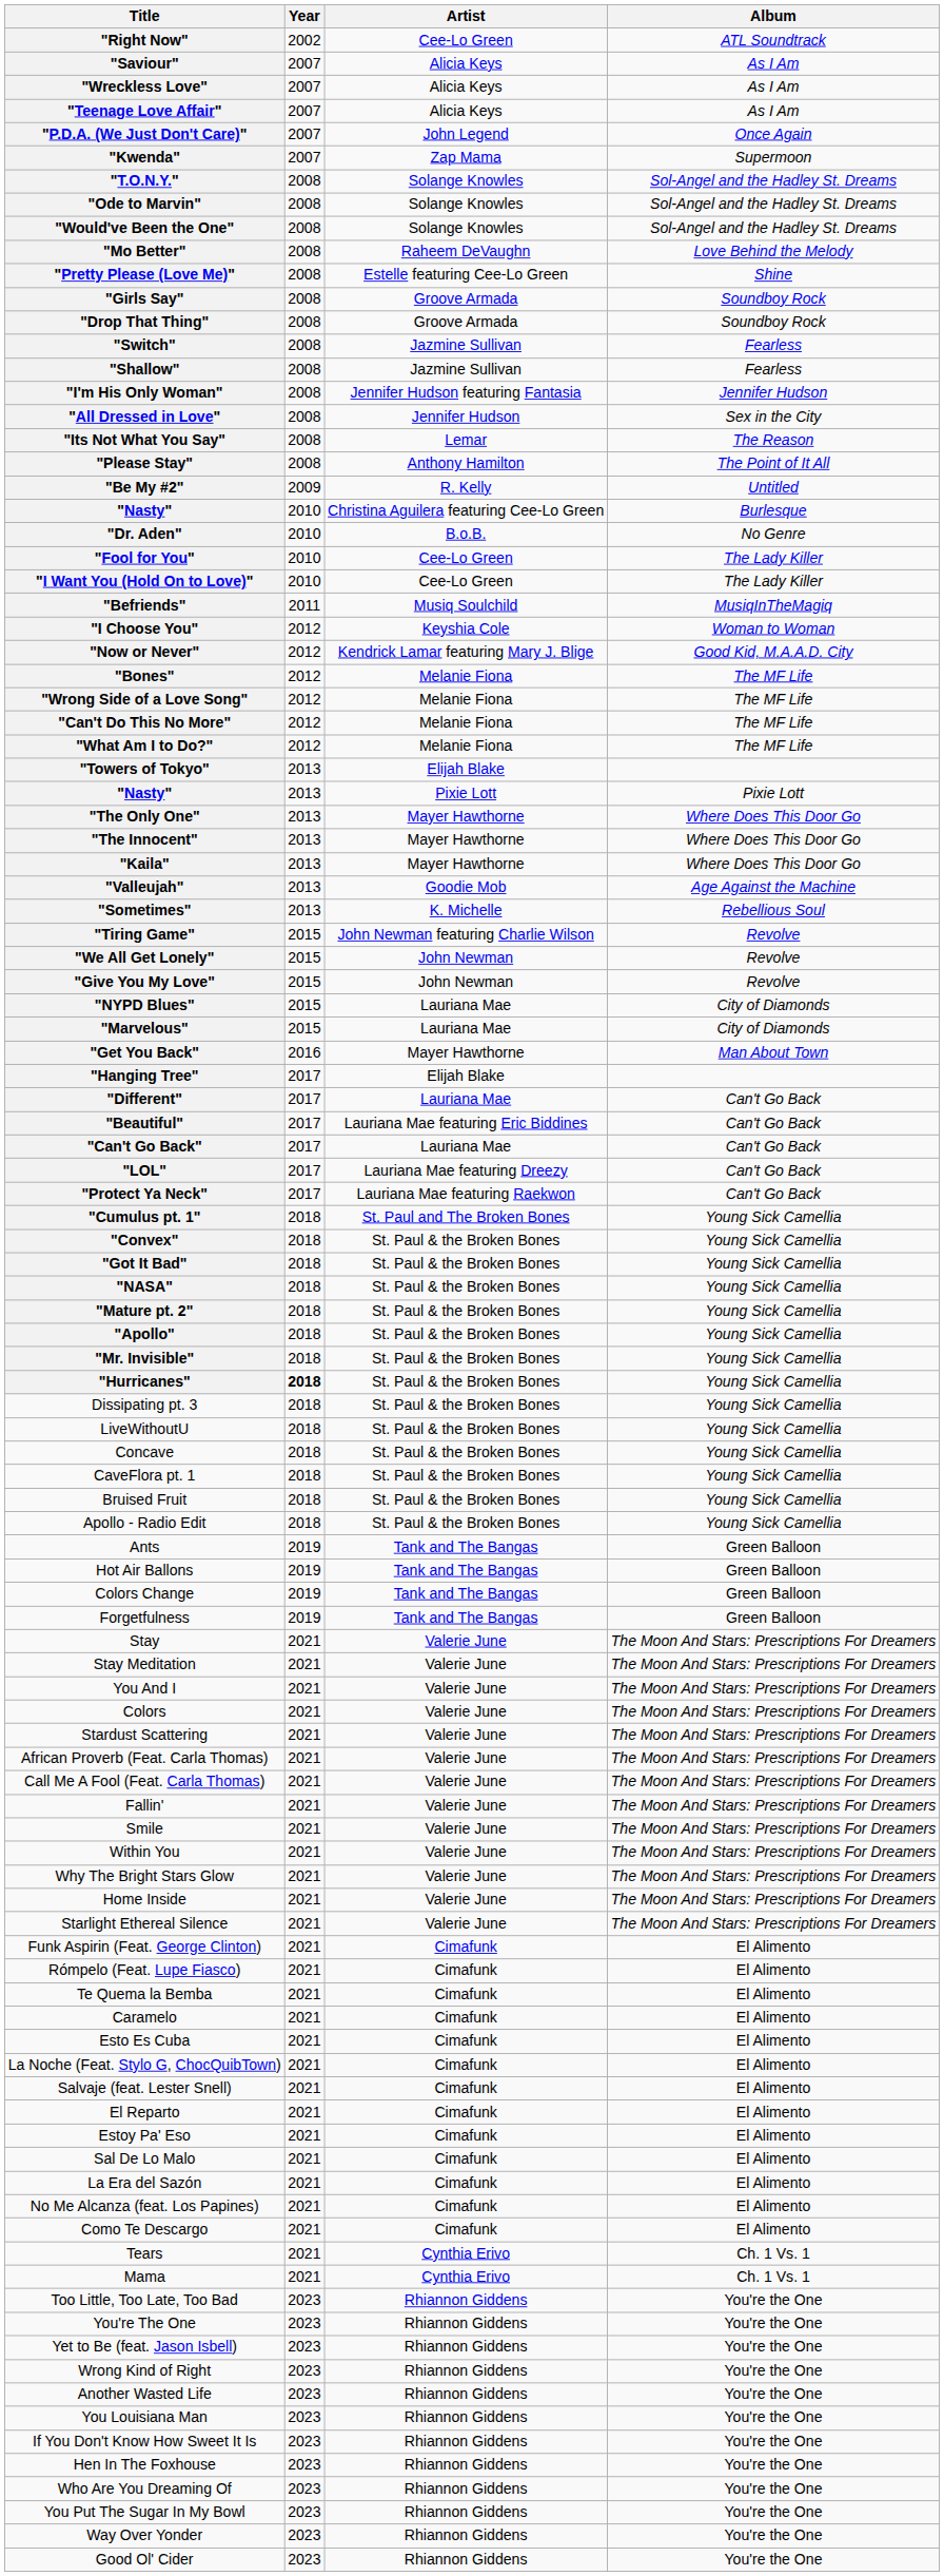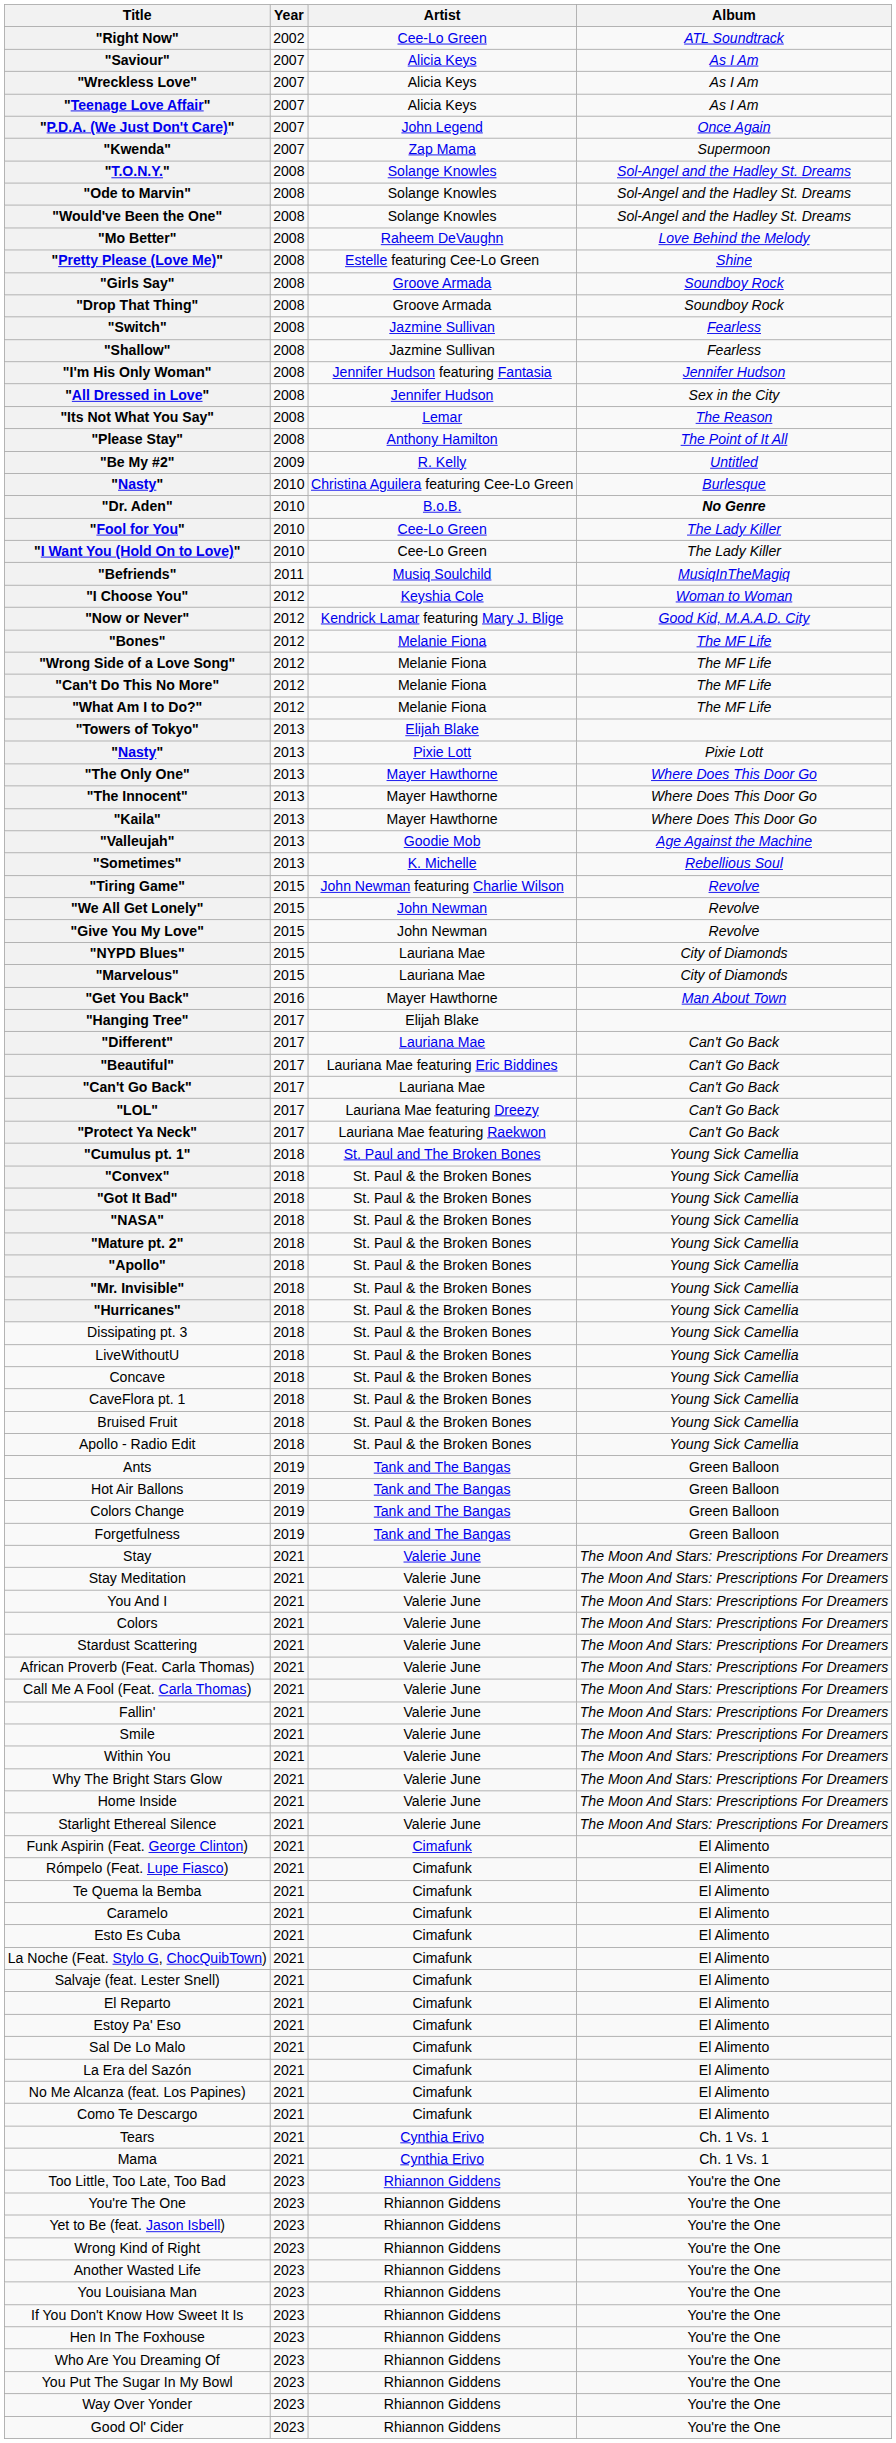 <table class="wikitable plainrowheaders" style="text-align:center;">
 <tr>
 <th scope="col">Title</th>
 <th scope="col">Year</th>
 <th scope="col">Artist</th>
 <th scope="col">Album</th>
 </tr>
 <tr>
 <th scope="row">"Right Now"</th>
 <td>2002</td>
 <td><a href='#'>Cee-Lo Green</a></td>
 <td><em><a href='#'>ATL Soundtrack</a></em></td>
 </tr>
 <tr>
 <th scope="row">"Saviour"</th>
 <td>2007</td>
 <td><a href='#'>Alicia Keys</a></td>
 <td><em><a href='#'>As I Am</a></em></td>
 </tr>
 <tr>
 <th scope="row">"Wreckless Love"</th>
 <td>2007</td>
 <td>Alicia Keys</td>
 <td><em>As I Am</em></td>
 </tr>
 <tr>
 <th scope="row">"<a href='#'>Teenage Love Affair</a>"</th>
 <td>2007</td>
 <td>Alicia Keys</td>
 <td><em>As I Am</em></td>
 </tr>
 <tr>
 <th scope="row">"<a href='#'>P.D.A. (We Just Don't Care)</a>"</th>
 <td>2007</td>
 <td><a href='#'>John Legend</a></td>
 <td><em><a href='#'>Once Again</a></em></td>
 </tr>
 <tr>
 <th scope="row">"Kwenda"</th>
 <td>2007</td>
 <td><a href='#'>Zap Mama</a></td>
 <td><em>Supermoon</em></td>
 </tr>
 <tr>
 <th scope="row">"<a href='#'>T.O.N.Y.</a>"</th>
 <td>2008</td>
 <td><a href='#'>Solange Knowles</a></td>
 <td><em><a href='#'>Sol-Angel and the Hadley St. Dreams</a></em></td>
 </tr>
 <tr>
 <th scope="row">"Ode to Marvin"</th>
 <td>2008</td>
 <td>Solange Knowles</td>
 <td><em>Sol-Angel and the Hadley St. Dreams</em></td>
 </tr>
 <tr>
 <th scope="row">"Would've Been the One"</th>
 <td>2008</td>
 <td>Solange Knowles</td>
 <td><em>Sol-Angel and the Hadley St. Dreams</em></td>
 </tr>
 <tr>
 <th scope="row">"Mo Better"</th>
 <td>2008</td>
 <td><a href='#'>Raheem DeVaughn</a></td>
 <td><em><a href='#'>Love Behind the Melody</a></em></td>
 </tr>
 <tr>
 <th scope="row">"<a href='#'>Pretty Please (Love Me)</a>"</th>
 <td>2008</td>
 <td><a href='#'>Estelle</a> featuring Cee-Lo Green</td>
 <td><em><a href='#'>Shine</a></em></td>
 </tr>
 <tr>
 <th scope="row">"Girls Say"</th>
 <td>2008</td>
 <td><a href='#'>Groove Armada</a></td>
 <td><em><a href='#'>Soundboy Rock</a></em></td>
 </tr>
 <tr>
 <th scope="row">"Drop That Thing"</th>
 <td>2008</td>
 <td>Groove Armada</td>
 <td><em>Soundboy Rock</em></td>
 </tr>
 <tr>
 <th scope="row">"Switch"</th>
 <td>2008</td>
 <td><a href='#'>Jazmine Sullivan</a></td>
 <td><em><a href='#'>Fearless</a></em></td>
 </tr>
 <tr>
 <th scope="row">"Shallow"</th>
 <td>2008</td>
 <td>Jazmine Sullivan</td>
 <td><em>Fearless</em></td>
 </tr>
 <tr>
 <th scope="row">"I'm His Only Woman"</th>
 <td>2008</td>
 <td><a href='#'>Jennifer Hudson</a> featuring <a href='#'>Fantasia</a></td>
 <td><em><a href='#'>Jennifer Hudson</a></em></td>
 </tr>
 <tr>
 <th scope="row">"<a href='#'>All Dressed in Love</a>"</th>
 <td>2008</td>
 <td><a href='#'>Jennifer Hudson</a></td>
 <td><em>Sex in the City</em></td>
 </tr>
 <tr>
 <th scope="row">"Its Not What You Say"</th>
 <td>2008</td>
 <td><a href='#'>Lemar</a></td>
 <td><em><a href='#'>The Reason</a></em></td>
 </tr>
 <tr>
 <th scope="row">"Please Stay"</th>
 <td>2008</td>
 <td><a href='#'>Anthony Hamilton</a></td>
 <td><em><a href='#'>The Point of It All</a></em></td>
 </tr>
 <tr>
 <th scope="row">"Be My #2"</th>
 <td>2009</td>
 <td><a href='#'>R. Kelly</a></td>
 <td><em><a href='#'>Untitled</a></em></td>
 </tr>
 <tr>
 <th scope="row">"<a href='#'>Nasty</a>"</th>
 <td>2010</td>
 <td><a href='#'>Christina Aguilera</a> featuring Cee-Lo Green</td>
 <td><em><a href='#'>Burlesque</a></em></td>
 </tr>
 <tr>
 <th scope="row">"Dr. Aden"</th>
 <td>2010</td>
 <td><a href='#'>B.o.B.</a></td>
-<td><em>No Genre</em></td>
+<td><strong><em>No Genre</em></strong></td>
 </tr>
 <tr>
 <th scope="row">"<a href='#'>Fool for You</a>"</th>
 <td>2010</td>
 <td><a href='#'>Cee-Lo Green</a></td>
 <td><em><a href='#'>The Lady Killer</a></em></td>
 </tr>
 <tr>
 <th scope="row">"<a href='#'>I Want You (Hold On to Love)</a>"</th>
 <td>2010</td>
 <td>Cee-Lo Green</td>
 <td><em>The Lady Killer</em></td>
 </tr>
 <tr>
 <th scope="row">"Befriends"</th>
 <td>2011</td>
 <td><a href='#'>Musiq Soulchild</a></td>
 <td><em><a href='#'>MusiqInTheMagiq</a></em></td>
 </tr>
 <tr>
 <th scope="row">"I Choose You"</th>
 <td>2012</td>
 <td><a href='#'>Keyshia Cole</a></td>
 <td><em><a href='#'>Woman to Woman</a></em></td>
 </tr>
 <tr>
 <th scope="row">"Now or Never"</th>
 <td>2012</td>
 <td><a href='#'>Kendrick Lamar</a> featuring <a href='#'>Mary J. Blige</a></td>
 <td><em><a href='#'>Good Kid, M.A.A.D. City</a></em></td>
 </tr>
 <tr>
 <th scope="row">"Bones"</th>
 <td>2012</td>
 <td><a href='#'>Melanie Fiona</a></td>
 <td><em><a href='#'>The MF Life</a></em></td>
 </tr>
 <tr>
 <th scope="row">"Wrong Side of a Love Song"</th>
 <td>2012</td>
 <td>Melanie Fiona</td>
 <td><em>The MF Life</em></td>
 </tr>
 <tr>
 <th scope="row">"Can't Do This No More"</th>
 <td>2012</td>
 <td>Melanie Fiona</td>
 <td><em>The MF Life</em></td>
 </tr>
 <tr>
 <th scope="row">"What Am I to Do?"</th>
 <td>2012</td>
 <td>Melanie Fiona</td>
 <td><em>The MF Life</em></td>
 </tr>
 <tr>
 <th scope="row">"Towers of Tokyo"</th>
 <td>2013</td>
 <td><a href='#'>Elijah Blake</a></td>
 <td></td>
 </tr>
 <tr>
 <th scope="row">"<a href='#'>Nasty</a>"</th>
 <td>2013</td>
 <td><a href='#'>Pixie Lott</a></td>
 <td><em>Pixie Lott</em></td>
 </tr>
 <tr>
 <th scope="row">"The Only One"</th>
 <td>2013</td>
 <td><a href='#'>Mayer Hawthorne</a></td>
 <td><em><a href='#'>Where Does This Door Go</a></em></td>
 </tr>
 <tr>
 <th scope="row">"The Innocent"</th>
 <td>2013</td>
 <td>Mayer Hawthorne</td>
 <td><em>Where Does This Door Go</em></td>
 </tr>
 <tr>
 <th scope="row">"Kaila"</th>
 <td>2013</td>
 <td>Mayer Hawthorne</td>
 <td><em>Where Does This Door Go</em></td>
 </tr>
 <tr>
 <th scope="row">"Valleujah"</th>
 <td>2013</td>
 <td><a href='#'>Goodie Mob</a></td>
 <td><em><a href='#'>Age Against the Machine</a></em></td>
 </tr>
 <tr>
 <th scope="row">"Sometimes"</th>
 <td>2013</td>
 <td><a href='#'>K. Michelle</a></td>
 <td><em><a href='#'>Rebellious Soul</a></em></td>
 </tr>
 <tr>
 <th scope="row">"Tiring Game"</th>
 <td>2015</td>
 <td><a href='#'>John Newman</a> featuring <a href='#'>Charlie Wilson</a></td>
 <td><em><a href='#'>Revolve</a></em></td>
 </tr>
 <tr>
 <th scope="row">"We All Get Lonely"</th>
 <td>2015</td>
 <td><a href='#'>John Newman</a></td>
 <td><em>Revolve</em></td>
 </tr>
 <tr>
 <th scope="row">"Give You My Love"</th>
 <td>2015</td>
 <td>John Newman</td>
 <td><em>Revolve</em></td>
 </tr>
 <tr>
 <th scope="row">"NYPD Blues"</th>
 <td>2015</td>
 <td>Lauriana Mae</td>
 <td><em>City of Diamonds</em></td>
 </tr>
 <tr>
 <th scope="row">"Marvelous"</th>
 <td>2015</td>
 <td>Lauriana Mae</td>
 <td><em>City of Diamonds</em></td>
 </tr>
 <tr>
 <th scope="row">"Get You Back"</th>
 <td>2016</td>
 <td>Mayer Hawthorne</td>
 <td><em><a href='#'>Man About Town</a></em></td>
 </tr>
 <tr>
 <th scope="row">"Hanging Tree"</th>
 <td>2017</td>
 <td>Elijah Blake</td>
 <td></td>
 </tr>
 <tr>
 <th scope="row">"Different"</th>
 <td>2017</td>
 <td><a href='#'>Lauriana Mae</a></td>
 <td><em>Can't Go Back</em></td>
 </tr>
 <tr>
 <th scope="row">"Beautiful"</th>
 <td>2017</td>
 <td>Lauriana Mae featuring <a href='#'>Eric Biddines</a></td>
 <td><em>Can't Go Back</em></td>
 </tr>
 <tr>
 <th scope="row">"Can't Go Back"</th>
 <td>2017</td>
 <td>Lauriana Mae</td>
 <td><em>Can't Go Back</em></td>
 </tr>
 <tr>
 <th scope="row">"LOL"</th>
 <td>2017</td>
 <td>Lauriana Mae featuring <a href='#'>Dreezy</a></td>
 <td><em>Can't Go Back</em></td>
 </tr>
 <tr>
 <th scope="row">"Protect Ya Neck"</th>
 <td>2017</td>
 <td>Lauriana Mae featuring <a href='#'>Raekwon</a></td>
 <td><em>Can't Go Back</em></td>
 </tr>
 <tr>
 <th scope="row">"Cumulus pt. 1"</th>
 <td>2018</td>
 <td><a href='#'>St. Paul and The Broken Bones</a></td>
 <td><em>Young Sick Camellia</em></td>
 </tr>
 <tr>
 <th scope="row">"Convex"</th>
 <td>2018</td>
 <td>St. Paul & the Broken Bones</td>
 <td><em>Young Sick Camellia</em></td>
 </tr>
 <tr>
 <th scope="row">"Got It Bad"</th>
 <td>2018</td>
 <td>St. Paul & the Broken Bones</td>
 <td><em>Young Sick Camellia</em></td>
 </tr>
 <tr>
 <th scope="row">"NASA"</th>
 <td>2018</td>
 <td>St. Paul & the Broken Bones</td>
 <td><em>Young Sick Camellia</em></td>
 </tr>
 <tr>
 <th scope="row">"Mature pt. 2"</th>
 <td>2018</td>
 <td>St. Paul & the Broken Bones</td>
 <td><em>Young Sick Camellia</em></td>
 </tr>
 <tr>
 <th scope="row">"Apollo"</th>
 <td>2018</td>
 <td>St. Paul & the Broken Bones</td>
 <td><em>Young Sick Camellia</em></td>
 </tr>
 <tr>
 <th scope="row">"Mr. Invisible"</th>
 <td>2018</td>
 <td>St. Paul & the Broken Bones</td>
 <td><em>Young Sick Camellia</em></td>
 </tr>
 <tr>
 <th scope="row">"Hurricanes"</th>
-<td><strong>2018</strong></td>
+<td>2018</td>
 <td>St. Paul & the Broken Bones</td>
 <td><em>Young Sick Camellia</em></td>
 </tr>
 <tr>
 <td scope="row">Dissipating pt. 3</td>
 <td>2018</td>
 <td>St. Paul & the Broken Bones</td>
 <td><em>Young Sick Camellia</em></td>
 </tr>
 <tr>
 <td>LiveWithoutU</td>
 <td>2018</td>
 <td>St. Paul & the Broken Bones</td>
 <td><em>Young Sick Camellia</em></td>
 </tr>
 <tr>
 <td>Concave</td>
 <td>2018</td>
 <td>St. Paul & the Broken Bones</td>
 <td><em>Young Sick Camellia</em></td>
 </tr>
 <tr>
 <td>CaveFlora pt. 1</td>
 <td>2018</td>
 <td>St. Paul & the Broken Bones</td>
 <td><em>Young Sick Camellia</em></td>
 </tr>
 <tr>
 <td>Bruised Fruit</td>
 <td>2018</td>
 <td>St. Paul & the Broken Bones</td>
 <td><em>Young Sick Camellia</em></td>
 </tr>
 <tr>
 <td>Apollo - Radio Edit</td>
 <td>2018</td>
 <td>St. Paul & the Broken Bones</td>
 <td><em>Young Sick Camellia</em></td>
 </tr>
 <tr>
 <td>Ants</td>
 <td>2019</td>
 <td><a href='#'>Tank and The Bangas</a></td>
 <td>Green Balloon</td>
 </tr>
 <tr>
 <td>Hot Air Ballons</td>
 <td>2019</td>
 <td><a href='#'>Tank and The Bangas</a></td>
 <td>Green Balloon</td>
 </tr>
 <tr>
 <td>Colors Change</td>
 <td>2019</td>
 <td><a href='#'>Tank and The Bangas</a></td>
 <td>Green Balloon</td>
 </tr>
 <tr>
 <td>Forgetfulness</td>
 <td>2019</td>
 <td><a href='#'>Tank and The Bangas</a></td>
 <td>Green Balloon</td>
 </tr>
 <tr>
 <td>Stay</td>
 <td>2021</td>
 <td><a href='#'>Valerie June</a></td>
 <td><em>The Moon And Stars: Prescriptions For Dreamers</em></td>
 </tr>
 <tr>
 <td>Stay Meditation</td>
 <td>2021</td>
 <td>Valerie June</td>
 <td><em>The Moon And Stars: Prescriptions For Dreamers</em></td>
 </tr>
 <tr>
 <td>You And I</td>
 <td>2021</td>
 <td>Valerie June</td>
 <td><em>The Moon And Stars: Prescriptions For Dreamers</em></td>
 </tr>
 <tr>
 <td>Colors</td>
 <td>2021</td>
 <td>Valerie June</td>
 <td><em>The Moon And Stars: Prescriptions For Dreamers</em></td>
 </tr>
 <tr>
 <td>Stardust Scattering</td>
 <td>2021</td>
 <td>Valerie June</td>
 <td><em>The Moon And Stars: Prescriptions For Dreamers</em></td>
 </tr>
 <tr>
 <td>African Proverb (Feat. Carla Thomas)</td>
 <td>2021</td>
 <td>Valerie June</td>
 <td><em>The Moon And Stars: Prescriptions For Dreamers</em></td>
 </tr>
 <tr>
 <td>Call Me A Fool  (Feat. <a href='#'>Carla Thomas</a>)</td>
 <td>2021</td>
 <td>Valerie June</td>
 <td><em>The Moon And Stars: Prescriptions For Dreamers</em></td>
 </tr>
 <tr>
 <td>Fallin'</td>
 <td>2021</td>
 <td>Valerie June</td>
 <td><em>The Moon And Stars: Prescriptions For Dreamers</em></td>
 </tr>
 <tr>
 <td>Smile</td>
 <td>2021</td>
 <td>Valerie June</td>
 <td><em>The Moon And Stars: Prescriptions For Dreamers</em></td>
 </tr>
 <tr>
 <td>Within You</td>
 <td>2021</td>
 <td>Valerie June</td>
 <td><em>The Moon And Stars: Prescriptions For Dreamers</em></td>
 </tr>
 <tr>
 <td>Why The Bright Stars Glow</td>
 <td>2021</td>
 <td>Valerie June</td>
 <td><em>The Moon And Stars: Prescriptions For Dreamers</em></td>
 </tr>
 <tr>
 <td>Home Inside</td>
 <td>2021</td>
 <td>Valerie June</td>
 <td><em>The Moon And Stars: Prescriptions For Dreamers</em></td>
 </tr>
 <tr>
 <td>Starlight Ethereal Silence</td>
 <td>2021</td>
 <td>Valerie June</td>
 <td><em>The Moon And Stars: Prescriptions For Dreamers</em></td>
 </tr>
 <tr>
 <td>Funk Aspirin (Feat. <a href='#'>George Clinton</a>)</td>
 <td>2021</td>
 <td><a href='#'>Cimafunk</a></td>
 <td>El Alimento</td>
 </tr>
 <tr>
 <td>Rómpelo (Feat. <a href='#'>Lupe Fiasco</a>)</td>
 <td>2021</td>
 <td>Cimafunk</td>
 <td>El Alimento</td>
 </tr>
 <tr>
 <td>Te Quema la Bemba</td>
 <td>2021</td>
 <td>Cimafunk</td>
 <td>El Alimento</td>
 </tr>
 <tr>
 <td>Caramelo</td>
 <td>2021</td>
 <td>Cimafunk</td>
 <td>El Alimento</td>
 </tr>
 <tr>
 <td>Esto Es Cuba</td>
 <td>2021</td>
 <td>Cimafunk</td>
 <td>El Alimento</td>
 </tr>
 <tr>
 <td>La Noche (Feat. <a href='#'>Stylo G</a>, <a href='#'>ChocQuibTown</a>)</td>
 <td>2021</td>
 <td>Cimafunk</td>
 <td>El Alimento</td>
 </tr>
 <tr>
 <td>Salvaje (feat. Lester Snell)</td>
 <td>2021</td>
 <td>Cimafunk</td>
 <td>El Alimento</td>
 </tr>
 <tr>
 <td>El Reparto</td>
 <td>2021</td>
 <td>Cimafunk</td>
 <td>El Alimento</td>
 </tr>
 <tr>
 <td>Estoy Pa' Eso</td>
 <td>2021</td>
 <td>Cimafunk</td>
 <td>El Alimento</td>
 </tr>
 <tr>
 <td>Sal De Lo Malo</td>
 <td>2021</td>
 <td>Cimafunk</td>
 <td>El Alimento</td>
 </tr>
 <tr>
 <td>La Era del Sazón</td>
 <td>2021</td>
 <td>Cimafunk</td>
 <td>El Alimento</td>
 </tr>
 <tr>
 <td>No Me Alcanza (feat. Los Papines)</td>
 <td>2021</td>
 <td>Cimafunk</td>
 <td>El Alimento</td>
 </tr>
 <tr>
 <td>Como Te Descargo</td>
 <td>2021</td>
 <td>Cimafunk</td>
 <td>El Alimento</td>
 </tr>
 <tr>
 <td>Tears</td>
 <td>2021</td>
 <td><a href='#'>Cynthia Erivo</a></td>
 <td>Ch. 1 Vs. 1</td>
 </tr>
 <tr>
 <td>Mama</td>
 <td>2021</td>
 <td><a href='#'>Cynthia Erivo</a></td>
 <td>Ch. 1 Vs. 1</td>
 </tr>
 <tr>
 <td>Too Little, Too Late, Too Bad</td>
 <td>2023</td>
 <td><a href='#'>Rhiannon Giddens</a></td>
 <td>You're the One</td>
 </tr>
 <tr>
 <td>You're The One</td>
 <td>2023</td>
 <td>Rhiannon Giddens</td>
 <td>You're the One</td>
 </tr>
 <tr>
 <td>Yet to Be (feat. <a href='#'>Jason Isbell</a>)</td>
 <td>2023</td>
 <td>Rhiannon Giddens</td>
 <td>You're the One</td>
 </tr>
 <tr>
 <td>Wrong Kind of Right</td>
 <td>2023</td>
 <td>Rhiannon Giddens</td>
 <td>You're the One</td>
 </tr>
 <tr>
 <td>Another Wasted Life</td>
 <td>2023</td>
 <td>Rhiannon Giddens</td>
 <td>You're the One</td>
 </tr>
 <tr>
 <td>You Louisiana Man</td>
 <td>2023</td>
 <td>Rhiannon Giddens</td>
 <td>You're the One</td>
 </tr>
 <tr>
 <td>If You Don't Know How Sweet It Is</td>
 <td>2023</td>
 <td>Rhiannon Giddens</td>
 <td>You're the One</td>
 </tr>
 <tr>
 <td>Hen In The Foxhouse</td>
 <td>2023</td>
 <td>Rhiannon Giddens</td>
 <td>You're the One</td>
 </tr>
 <tr>
 <td>Who Are You Dreaming Of</td>
 <td>2023</td>
 <td>Rhiannon Giddens</td>
 <td>You're the One</td>
 </tr>
 <tr>
 <td>You Put The Sugar In My Bowl</td>
 <td>2023</td>
 <td>Rhiannon Giddens</td>
 <td>You're the One</td>
 </tr>
 <tr>
 <td>Way Over Yonder</td>
 <td>2023</td>
 <td>Rhiannon Giddens</td>
 <td>You're the One</td>
 </tr>
 <tr>
 <td>Good Ol' Cider</td>
 <td>2023</td>
 <td>Rhiannon Giddens</td>
 <td>You're the One</td>
 </tr>
 </table>
